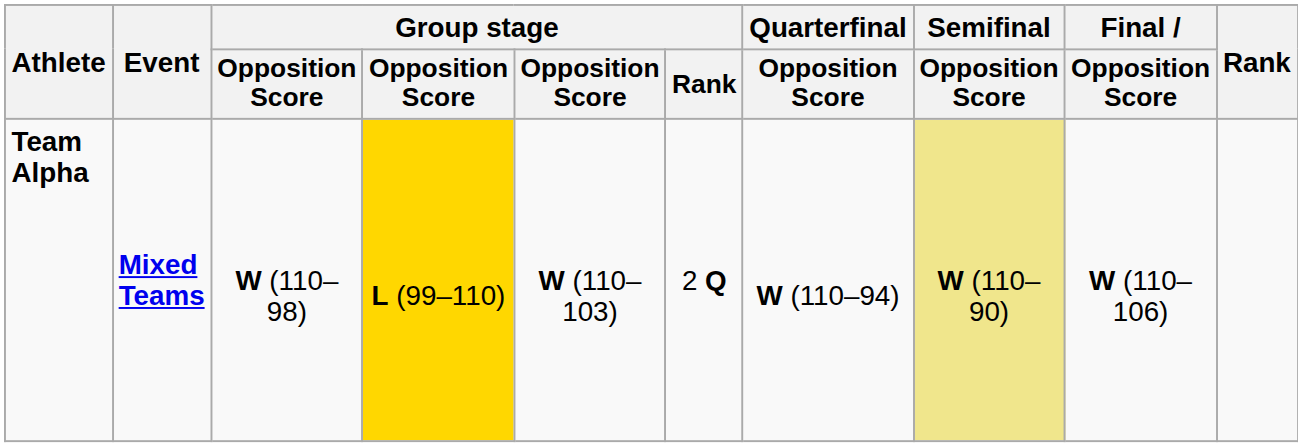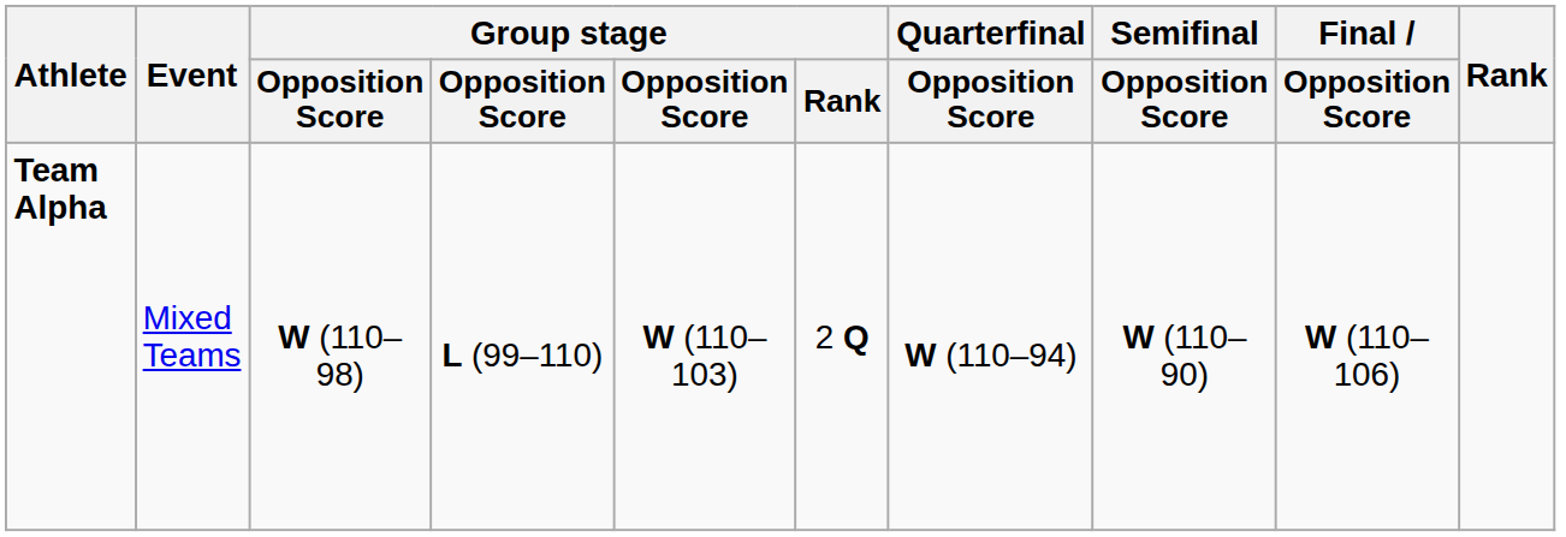 <table class="wikitable" style="font-size:90%">
 <tr>
 <th rowspan=2>Athlete</th>
 <th rowspan=2>Event</th>
 <th colspan=4>Group stage</th>
 <th>Quarterfinal</th>
 <th>Semifinal</th>
 <th>Final / </th>
 <th rowspan=2>Rank</th>
 </tr>
 <tr style="font-size:95%">
 <th>Opposition<br>Score</th>
 <th>Opposition<br>Score</th>
 <th>Opposition<br>Score</th>
 <th>Rank</th>
 <th>Opposition<br>Score</th>
 <th>Opposition<br>Score</th>
 <th>Opposition<br>Score</th>
 </tr>
 <tr align=center>
 <td align=left><strong>Team Alpha</strong> <br><br><br><br><br><br><br><br><br></td>
-<td align=left><strong><a href='#'>Mixed Teams</a></strong></td>
+<td align=left><a href='#'>Mixed Teams</a></td>
 <td><br><strong>W</strong> (110–98)</td>
-<td style="background: gold;"><br><strong>L</strong> (99–110)</td>
+<td><br><strong>L</strong> (99–110)</td>
 <td><br><strong>W</strong> (110–103)</td>
 <td>2 <strong>Q</strong></td>
 <td><br><strong>W</strong> (110–94)</td>
-<td style="background: khaki;"><br><strong>W</strong> (110–90)</td>
+<td><br><strong>W</strong> (110–90)</td>
 <td><br><strong>W</strong> (110–106)</td>
 <td></td>
 </tr>
 </table>
